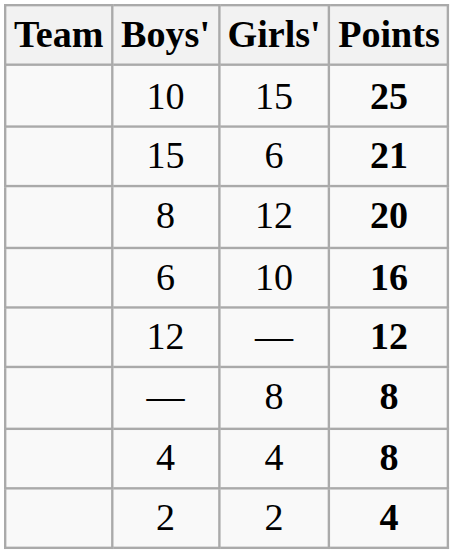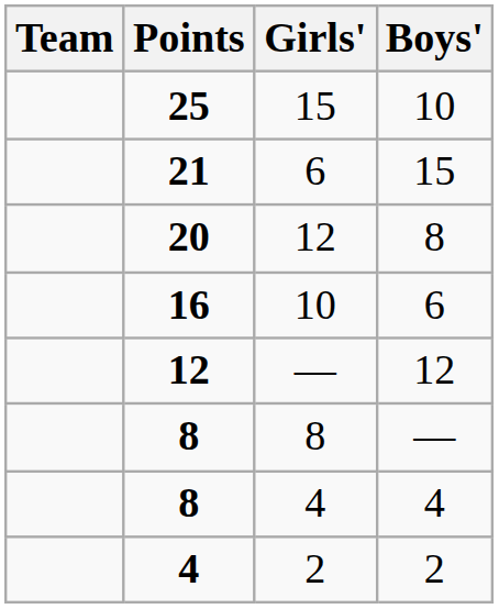 <table class=wikitable style="text-align:center">
 <tr>
 <th>Team</th>
+<th>Points</th>
+<th>Girls'</th>
 <th>Boys'</th>
-<th>Girls'</th>
-<th>Points</th>
 </tr>
 <tr>
 <td align=left></td>
+<td><strong>25</strong></td>
+<td>15</td>
 <td>10</td>
-<td>15</td>
-<td><strong>25</strong></td>
 </tr>
 <tr>
 <td align=left></td>
+<td><strong>21</strong></td>
+<td>6</td>
 <td>15</td>
-<td>6</td>
-<td><strong>21</strong></td>
 </tr>
 <tr>
 <td align=left></td>
+<td><strong>20</strong></td>
+<td>12</td>
 <td>8</td>
-<td>12</td>
-<td><strong>20</strong></td>
 </tr>
 <tr>
 <td align=left></td>
+<td><strong>16</strong></td>
+<td>10</td>
 <td>6</td>
-<td>10</td>
-<td><strong>16</strong></td>
 </tr>
 <tr>
 <td align=left></td>
+<td><strong>12</strong></td>
+<td>—</td>
 <td>12</td>
-<td>—</td>
-<td><strong>12</strong></td>
 </tr>
 <tr>
 <td align=left></td>
+<td><strong>8</strong></td>
+<td>8</td>
 <td>—</td>
-<td>8</td>
-<td><strong>8</strong></td>
 </tr>
 <tr>
 <td align=left></td>
+<td><strong>8</strong></td>
 <td>4</td>
 <td>4</td>
-<td><strong>8</strong></td>
 </tr>
 <tr>
 <td align=left></td>
+<td><strong>4</strong></td>
 <td>2</td>
 <td>2</td>
-<td><strong>4</strong></td>
 </tr>
 </table>
